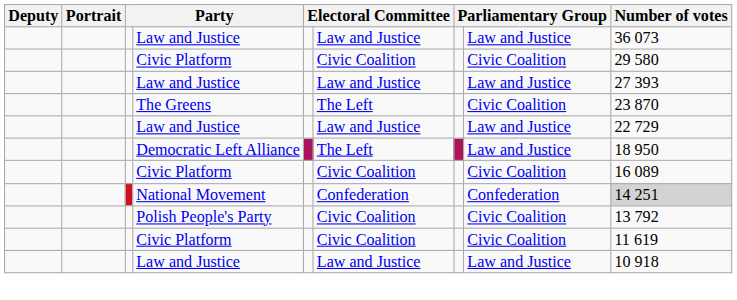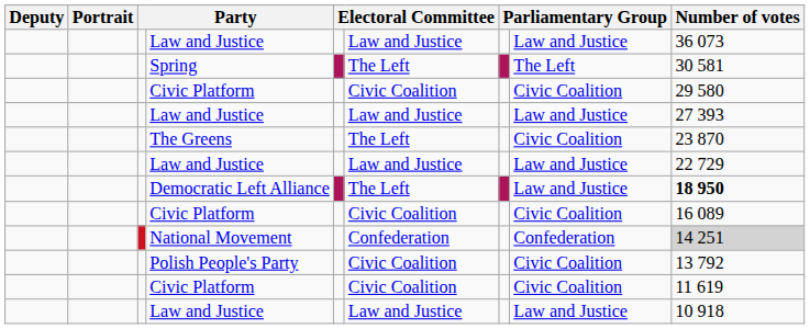 <table class="wikitable sortable" style="font-size:95%;line-height:14px;">
 <tr>
 <th>Deputy</th>
 <th>Portrait</th>
 <th colspan="2">Party</th>
 <th colspan="2">Electoral Committee</th>
 <th colspan="2">Parliamentary Group</th>
 <th>Number of votes</th>
 </tr>
 <tr>
 <td></td>
 <td></td>
 <td style="background:"></td>
 <td><a href='#'>Law and Justice</a></td>
 <td style="background:"></td>
 <td><a href='#'>Law and Justice</a></td>
 <td style="background:"></td>
 <td><a href='#'>Law and Justice</a></td>
 <td>36 073</td>
+</tr>
+<tr>
+<td></td>
+<td></td>
+<td style="background:"></td>
+<td><a href='#'>Spring</a></td>
+<td style="background:#AC145A;"></td>
+<td><a href='#'>The Left</a></td>
+<td style="background:#AC145A;"></td>
+<td><a href='#'>The Left</a></td>
+<td>30 581</td>
 </tr>
 <tr>
 <td></td>
 <td></td>
 <td style="background:"></td>
 <td><a href='#'>Civic Platform</a></td>
 <td style="background:"></td>
 <td><a href='#'>Civic Coalition</a></td>
 <td style="background:"></td>
 <td><a href='#'>Civic Coalition</a></td>
 <td>29 580</td>
 </tr>
 <tr>
 <td></td>
 <td></td>
 <td style="background:"></td>
 <td><a href='#'>Law and Justice</a></td>
 <td style="background:"></td>
 <td><a href='#'>Law and Justice</a></td>
 <td style="background:"></td>
 <td><a href='#'>Law and Justice</a></td>
 <td>27 393</td>
 </tr>
 <tr>
 <td></td>
 <td></td>
 <td style="background:"></td>
 <td><a href='#'>The Greens</a></td>
 <td style="background:"></td>
 <td><a href='#'>The Left</a></td>
 <td style="background:"></td>
 <td><a href='#'>Civic Coalition</a></td>
 <td>23 870</td>
 </tr>
 <tr>
 <td></td>
 <td></td>
 <td style="background:"></td>
 <td><a href='#'>Law and Justice</a></td>
 <td style="background:"></td>
 <td><a href='#'>Law and Justice</a></td>
 <td style="background:"></td>
 <td><a href='#'>Law and Justice</a></td>
 <td>22 729</td>
 </tr>
 <tr>
 <td></td>
 <td></td>
 <td style="background:"></td>
 <td><a href='#'>Democratic Left Alliance</a></td>
 <td style="background:#AC145A;"></td>
 <td><a href='#'>The Left</a></td>
 <td style="background:#AC145A;"></td>
 <td><a href='#'>Law and Justice</a></td>
-<td>18 950</td>
+<td><strong>18 950</strong></td>
 </tr>
 <tr>
 <td></td>
 <td></td>
 <td style="background:"></td>
 <td><a href='#'>Civic Platform</a></td>
 <td style="background:"></td>
 <td><a href='#'>Civic Coalition</a></td>
 <td style="background:"></td>
 <td><a href='#'>Civic Coalition</a></td>
 <td>16 089</td>
 </tr>
 <tr>
 <td></td>
 <td></td>
 <td style="background:#CF1020;"></td>
 <td><a href='#'>National Movement</a></td>
 <td style="background:"></td>
 <td><a href='#'>Confederation</a></td>
 <td style="background:"></td>
 <td><a href='#'>Confederation</a></td>
 <td style="background: lightgrey;">14 251</td>
 </tr>
 <tr>
 <td></td>
 <td></td>
 <td style="background:"></td>
 <td><a href='#'>Polish People's Party</a></td>
 <td style="background:"></td>
 <td><a href='#'>Civic Coalition</a></td>
 <td style="background:"></td>
 <td><a href='#'>Civic Coalition</a></td>
 <td>13 792</td>
 </tr>
 <tr>
 <td></td>
 <td></td>
 <td style="background:"></td>
 <td><a href='#'>Civic Platform</a></td>
 <td style="background:"></td>
 <td><a href='#'>Civic Coalition</a></td>
 <td style="background:"></td>
 <td><a href='#'>Civic Coalition</a></td>
 <td>11 619</td>
 </tr>
 <tr>
 <td></td>
 <td></td>
 <td style="background:"></td>
 <td><a href='#'>Law and Justice</a></td>
 <td style="background:"></td>
 <td><a href='#'>Law and Justice</a></td>
 <td style="background:"></td>
 <td><a href='#'>Law and Justice</a></td>
 <td>10 918</td>
 </tr>
 </table>
